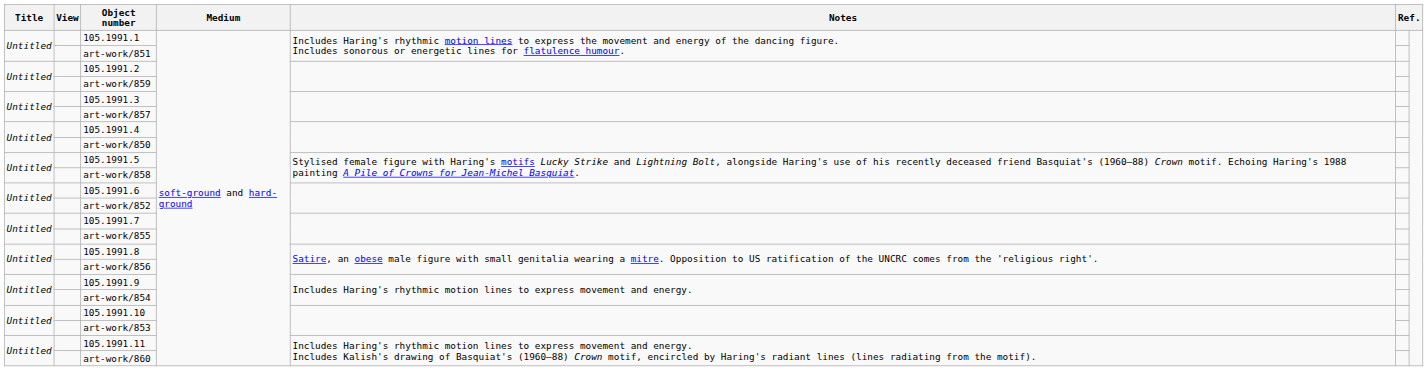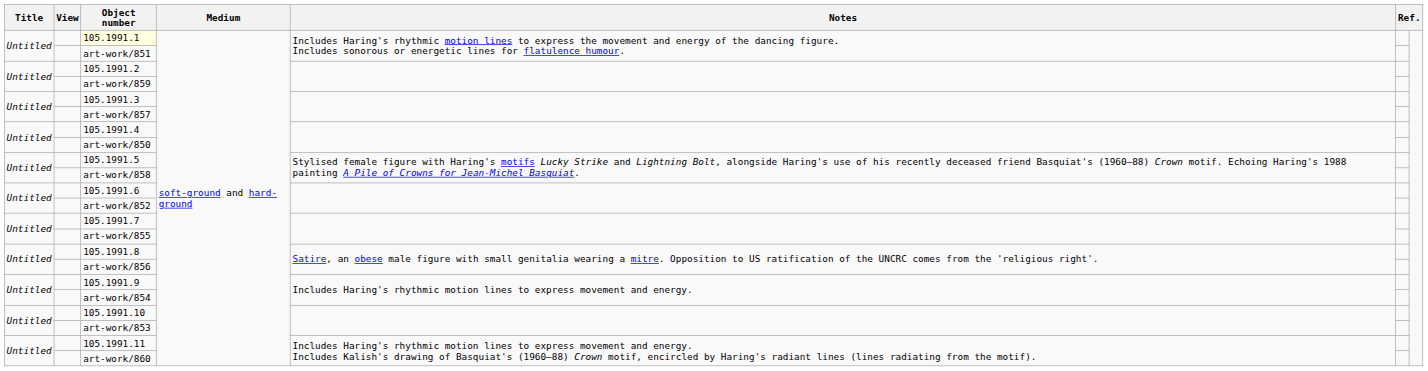 <table class="wikitable sortable mw-collapsible mw-collapsed">
 <tr>
 <th>Title</th>
 <th>View</th>
 <th>Object number</th>
 <th>Medium</th>
 <th>Notes</th>
 <th colspan="2">Ref.</th>
 </tr>
 <tr>
 <td rowspan="2"><em>Untitled</em></td>
 <td></td>
-<td>105.1991.1</td>
+<td style="background: lightyellow;">105.1991.1</td>
 <td rowspan="22"><a href='#'>soft-ground</a> and <a href='#'>hard-ground</a></td>
 <td rowspan="2">Includes Haring's rhythmic <a href='#'>motion lines</a> to express the movement and energy of the dancing figure.<br>Includes sonorous or energetic lines for <a href='#'>flatulence humour</a>.</td>
 <td></td>
 <td rowspan="22"></td>
 </tr>
 <tr>
 <td></td>
 <td>art-work/851</td>
 <td></td>
 </tr>
 <tr>
 <td rowspan="2"><em>Untitled</em></td>
 <td></td>
 <td>105.1991.2</td>
 <td rowspan="2"></td>
 <td></td>
 </tr>
 <tr>
 <td></td>
 <td>art-work/859</td>
 <td></td>
 </tr>
 <tr>
 <td rowspan="2"><em>Untitled</em></td>
 <td></td>
 <td>105.1991.3</td>
 <td rowspan="2"></td>
 <td></td>
 </tr>
 <tr>
 <td></td>
 <td>art-work/857</td>
 <td></td>
 </tr>
 <tr>
 <td rowspan="2"><em>Untitled</em></td>
 <td></td>
 <td>105.1991.4</td>
 <td rowspan="2"></td>
 <td></td>
 </tr>
 <tr>
 <td></td>
 <td>art-work/850</td>
 <td></td>
 </tr>
 <tr>
 <td rowspan="2"><em>Untitled</em></td>
 <td></td>
 <td>105.1991.5</td>
 <td rowspan="2">Stylised female figure with Haring's <a href='#'>motifs</a> <em>Lucky Strike</em> and <em>Lightning Bolt</em>, alongside Haring's use of his recently deceased friend Basquiat's (1960–88) <em>Crown</em> motif. Echoing Haring's 1988 painting <em><a href='#'>A Pile of Crowns for Jean-Michel Basquiat</a></em>.</td>
 <td></td>
 </tr>
 <tr>
 <td></td>
 <td>art-work/858</td>
 <td></td>
 </tr>
 <tr>
 <td rowspan="2"><em>Untitled</em></td>
 <td></td>
 <td>105.1991.6</td>
 <td rowspan="2"></td>
 <td></td>
 </tr>
 <tr>
 <td></td>
 <td>art-work/852</td>
 <td></td>
 </tr>
 <tr>
 <td rowspan="2"><em>Untitled</em></td>
 <td></td>
 <td>105.1991.7</td>
 <td rowspan="2"></td>
 <td></td>
 </tr>
 <tr>
 <td></td>
 <td>art-work/855</td>
 <td></td>
 </tr>
 <tr>
 <td rowspan="2"><em>Untitled</em></td>
 <td></td>
 <td>105.1991.8</td>
 <td rowspan="2"><a href='#'>Satire</a>, an <a href='#'>obese</a> male figure with small genitalia wearing a <a href='#'>mitre</a>. Opposition to US ratification of the UNCRC comes from the 'religious right'.</td>
 <td></td>
 </tr>
 <tr>
 <td></td>
 <td>art-work/856</td>
 <td></td>
 </tr>
 <tr>
 <td rowspan="2"><em>Untitled</em></td>
 <td></td>
 <td>105.1991.9</td>
 <td rowspan="2">Includes Haring's rhythmic motion lines to express movement and energy.</td>
 <td></td>
 </tr>
 <tr>
 <td></td>
 <td>art-work/854</td>
 <td></td>
 </tr>
 <tr>
 <td rowspan="2"><em>Untitled</em></td>
 <td></td>
 <td>105.1991.10</td>
 <td rowspan="2"></td>
 <td></td>
 </tr>
 <tr>
 <td></td>
 <td>art-work/853</td>
 <td></td>
 </tr>
 <tr>
 <td rowspan="2"><em>Untitled</em></td>
 <td></td>
 <td>105.1991.11</td>
 <td rowspan="2">Includes Haring's rhythmic motion lines to express movement and energy.<br>Includes Kalish's drawing of Basquiat's (1960–88) <em>Crown</em> motif, encircled by Haring's radiant lines (lines radiating from the motif).</td>
 <td></td>
 </tr>
 <tr>
 <td></td>
 <td>art-work/860</td>
 <td></td>
 </tr>
 </table>
